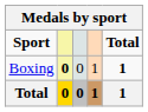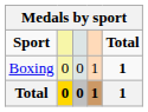 <table class="wikitable" style="font-size:85%; text-align:center;">
 <tr style="background:#efefef;">
 <th colspan=5><strong>Medals by sport</strong></th>
 </tr>
 <tr>
 <td><strong>Sport</strong></td>
 <td style="background:#f7f6a8;"></td>
 <td style="background:#dce5e5;"></td>
 <td style="background:#ffdab9;"></td>
 <td><strong>Total</strong></td>
 </tr>
 <tr>
 <td><a href='#'>Boxing</a></td>
-<td style="background:#F7F6A8;"><strong>0</strong></td>
+<td style="background:#F7F6A8;">0</td>
 <td style="background:#DCE5E5;">0</td>
 <td style="background:#FFDAB9;">1</td>
 <td><strong>1</strong></td>
 </tr>
 <tr>
 <th>Total</th>
 <th style="background:gold;"  >0</th>
 <th style="background:silver;">0</th>
 <th style="background:#c96;"  >1</th>
 <th>1</th>
 </tr>
 </table>
